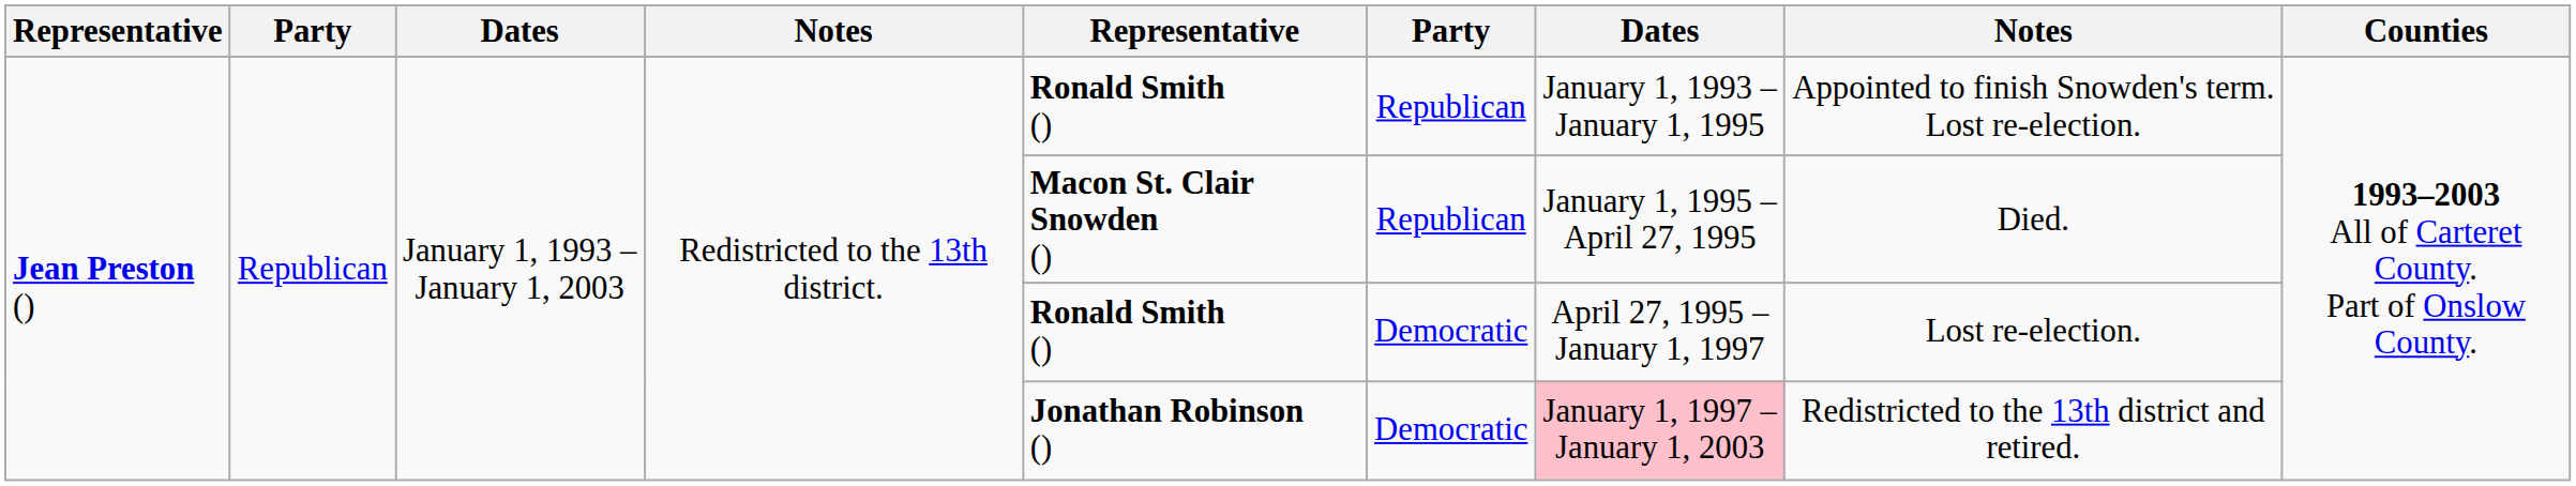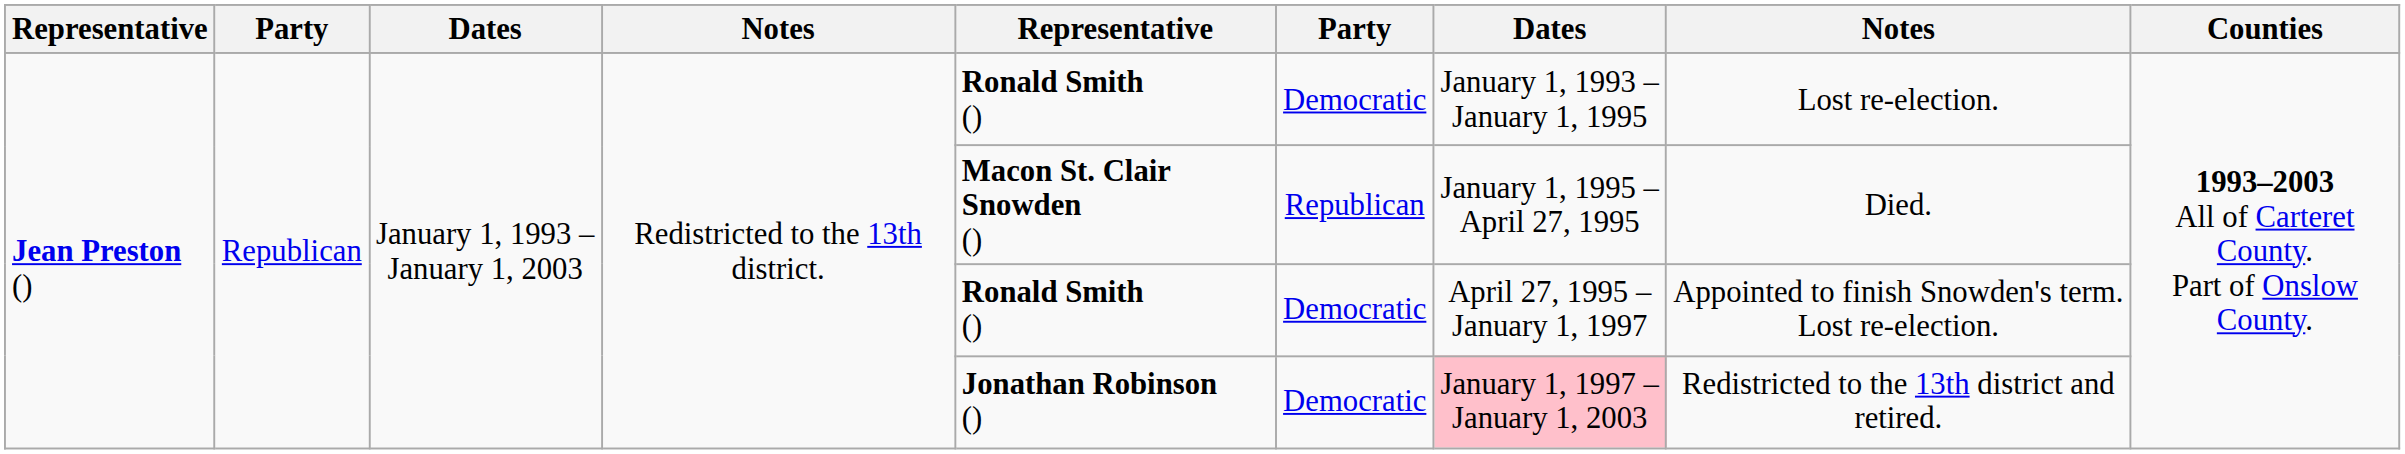 <table class=wikitable style="text-align:center">
 <tr>
 <th>Representative</th>
 <th>Party</th>
 <th>Dates</th>
 <th>Notes</th>
 <th>Representative</th>
 <th>Party</th>
 <th>Dates</th>
 <th>Notes</th>
 <th>Counties</th>
 </tr>
 <tr style="height:3em">
 <td rowspan=4 align=left><br> <strong><a href='#'>Jean Preston</a></strong><br>()</td>
 <td rowspan=4 ><a href='#'>Republican</a></td>
 <td rowspan=4 nowrap>January 1, 1993 – <br> January 1, 2003</td>
 <td rowspan=4>Redistricted to the <a href='#'>13th</a> district.</td>
 <td align=left><strong>Ronald Smith</strong><br>()</td>
-<td><a href='#'>Republican</a></td>
+<td><a href='#'>Democratic</a></td>
 <td nowrap>January 1, 1993 – <br> January 1, 1995</td>
-<td>Appointed to finish Snowden's term. <br> Lost re-election.</td>
+<td>Lost re-election.</td>
 <td rowspan=4><strong>1993–2003</strong><br> All of <a href='#'>Carteret County</a>. <br> Part of <a href='#'>Onslow County</a>.</td>
 </tr>
 <tr style="height:3em">
 <td align=left><strong>Macon St. Clair Snowden</strong><br>()</td>
 <td><a href='#'>Republican</a></td>
 <td nowrap>January 1, 1995 – <br> April 27, 1995</td>
 <td>Died.</td>
 </tr>
 <tr style="height:3em">
 <td align=left><strong>Ronald Smith</strong><br>()</td>
 <td><a href='#'>Democratic</a></td>
 <td nowrap>April 27, 1995 – <br> January 1, 1997</td>
-<td>Lost re-election.</td>
+<td>Appointed to finish Snowden's term. <br> Lost re-election.</td>
 </tr>
 <tr style="height:3em">
 <td align=left><strong>Jonathan Robinson</strong><br>()</td>
 <td><a href='#'>Democratic</a></td>
 <td nowrap style="background: pink;">January 1, 1997 – <br> January 1, 2003</td>
 <td>Redistricted to the <a href='#'>13th</a> district and retired.</td>
 </tr>
 </table>
